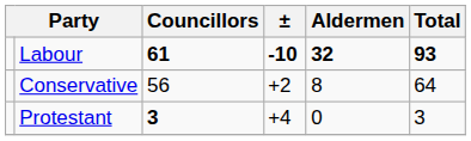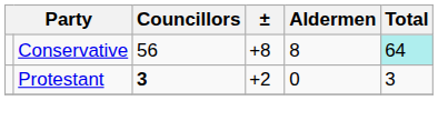 <table class="wikitable">
 <tr>
 <th colspan="2">Party</th>
 <th>Councillors</th>
 <th>  ±  </th>
 <th>Aldermen</th>
 <th>Total</th>
 </tr>
 <tr>
 <td style="background-color: "></td>
-<td><a href='#'>Labour</a></td>
-<td><strong>61</strong></td>
-<td><strong>-10</strong></td>
-<td><strong>32</strong></td>
-<td><strong>93</strong></td>
-</tr>
-<tr>
-<td style="background-color: "></td>
 <td><a href='#'>Conservative</a></td>
 <td>56</td>
-<td>+2</td>
+<td>+8</td>
 <td>8</td>
-<td>64</td>
+<td style="background: paleturquoise;">64</td>
 </tr>
 <tr>
 <td style="background-color: "></td>
 <td><a href='#'>Protestant</a></td>
 <td><strong>3</strong></td>
-<td>+4</td>
+<td>+2</td>
 <td>0</td>
 <td>3</td>
 </tr>
 <tr>
 </tr>
 </table>
